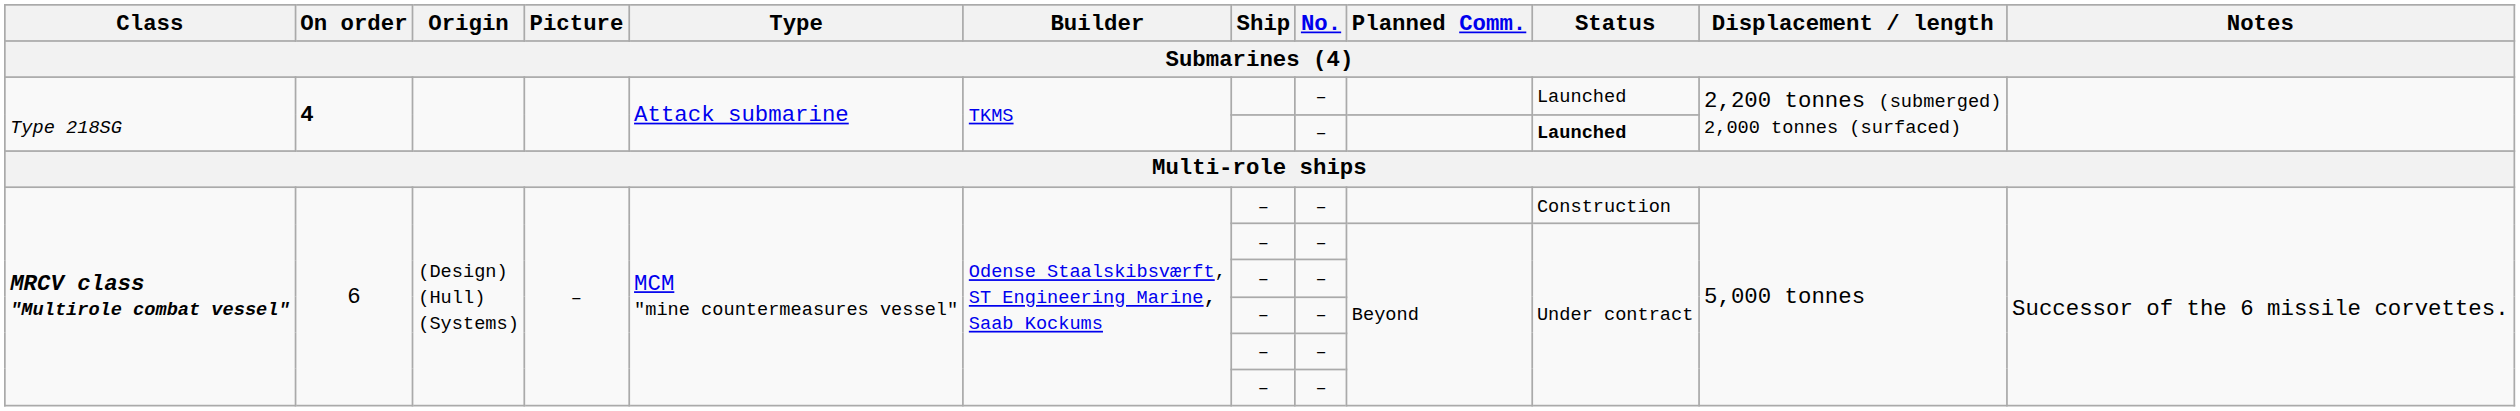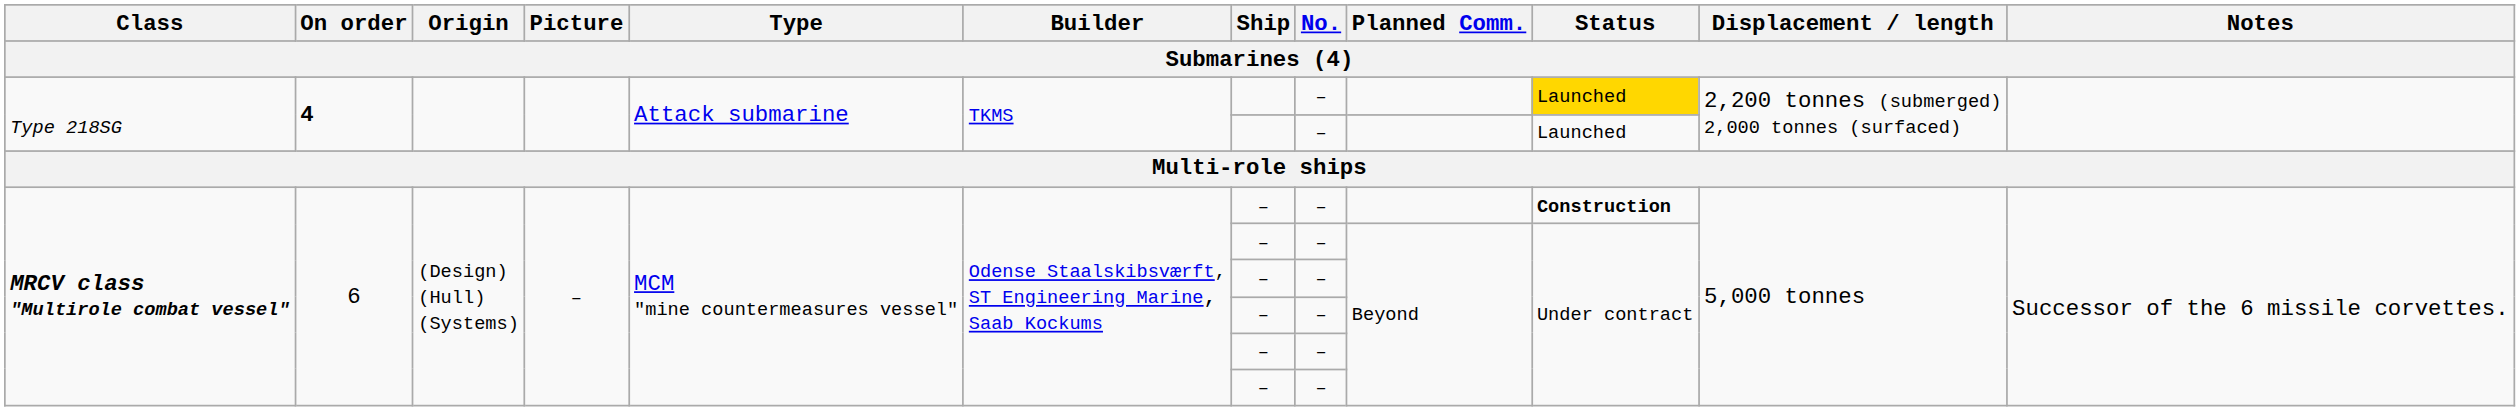 <table class="wikitable">
 <tr>
 <th>Class</th>
 <th>On order</th>
 <th>Origin</th>
 <th>Picture</th>
 <th>Type</th>
 <th>Builder</th>
 <th>Ship</th>
 <th><a href='#'>No.</a></th>
 <th>Planned <a href='#'>Comm.</a></th>
 <th>Status</th>
 <th>Displacement / length</th>
 <th>Notes</th>
 </tr>
 <tr>
 <th colspan="12">Submarines (4)</th>
 </tr>
 <tr>
 <td rowspan="2"><strong></strong><br><small><em>Type 218SG</em></small></td>
 <td rowspan="2"><strong>4</strong></td>
 <td rowspan="2"></td>
 <td rowspan="2"></td>
 <td rowspan="2"><a href='#'>Attack submarine</a></td>
 <td rowspan="2"><a href='#'><small>TKMS</small></a></td>
 <td><small></small></td>
 <td style="text-align: center;"><small>–</small></td>
 <td><small></small></td>
-<td><small>Launched</small></td>
+<td style="background: gold;"><small>Launched</small></td>
 <td rowspan="2">2,200 tonnes <small>(submerged)</small><br><small>2,000 tonnes (surfaced)</small></td>
 <td rowspan="2"></td>
 </tr>
 <tr>
 <td><small></small></td>
 <td style="text-align: center;"><small>–</small></td>
 <td><small></small></td>
-<td><strong><small>Launched</small></strong></td>
+<td><small>Launched</small></td>
 </tr>
 <tr>
 <th colspan="12">Multi-role ships</th>
 </tr>
 <tr>
 <td rowspan="6"><strong><em>MRCV<em> class<strong><br><small></em>"Multirole combat vessel"<em></small></td>
 <td rowspan="6" style="text-align: center;"></strong>6<strong></td>
 <td rowspan="6"> <small>(Design)</small><br> <small>(Hull)</small><br> <small>(Systems)</small></td>
 <td rowspan="6" style="text-align: center;"><small>–</small></td>
 <td rowspan="6"><a href='#'>MCM</a><br><small></em>"mine countermeasures vessel"<em></small></td>
 <td rowspan="6"><a href='#'><small>Odense Staalskibsværft</small></a><small>,</small><br><small><a href='#'>ST Engineering Marine</a></small>,<br><small><a href='#'>Saab Kockums</a></small></td>
 <td style="text-align: center;"><small>–</small></td>
 <td style="text-align: center;"><small>–</small></td>
 <td><small></small></td>
-<td><small>Construction</small></td>
+<td><strong><small>Construction</small></strong></td>
 <td rowspan="6">5,000 tonnes</td>
 <td rowspan="6"><br>Successor of the 6  missile corvettes.</td>
 </tr>
 <tr>
 <td style="text-align: center;"><small>–</small></td>
 <td style="text-align: center;"><small>–</small></td>
 <td rowspan="5"><small>Beyond </small></td>
 <td rowspan="5"><small>Under contract</small></td>
 </tr>
 <tr>
 <td style="text-align: center;"><small>–</small></td>
 <td style="text-align: center;"><small>–</small></td>
 </tr>
 <tr>
 <td style="text-align: center;"><small>–</small></td>
 <td style="text-align: center;"><small>–</small></td>
 </tr>
 <tr>
 <td style="text-align: center;"><small>–</small></td>
 <td style="text-align: center;"><small>–</small></td>
 </tr>
 <tr>
 <td style="text-align: center;"><small>–</small></td>
 <td style="text-align: center;"><small>–</small></td>
 </tr>
 </table>
